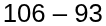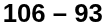 <table style="text-align:center;">
 <tr>
 <th width=200></th>
 <th width=100></th>
 <th width=200></th>
 <th></th>
 </tr>
 <tr>
 <td align=right><strong></strong></td>
-<td>106 – 93</td>
+<td><strong>106 – 93</strong></td>
 <td align=left></td>
 </tr>
 </table>
